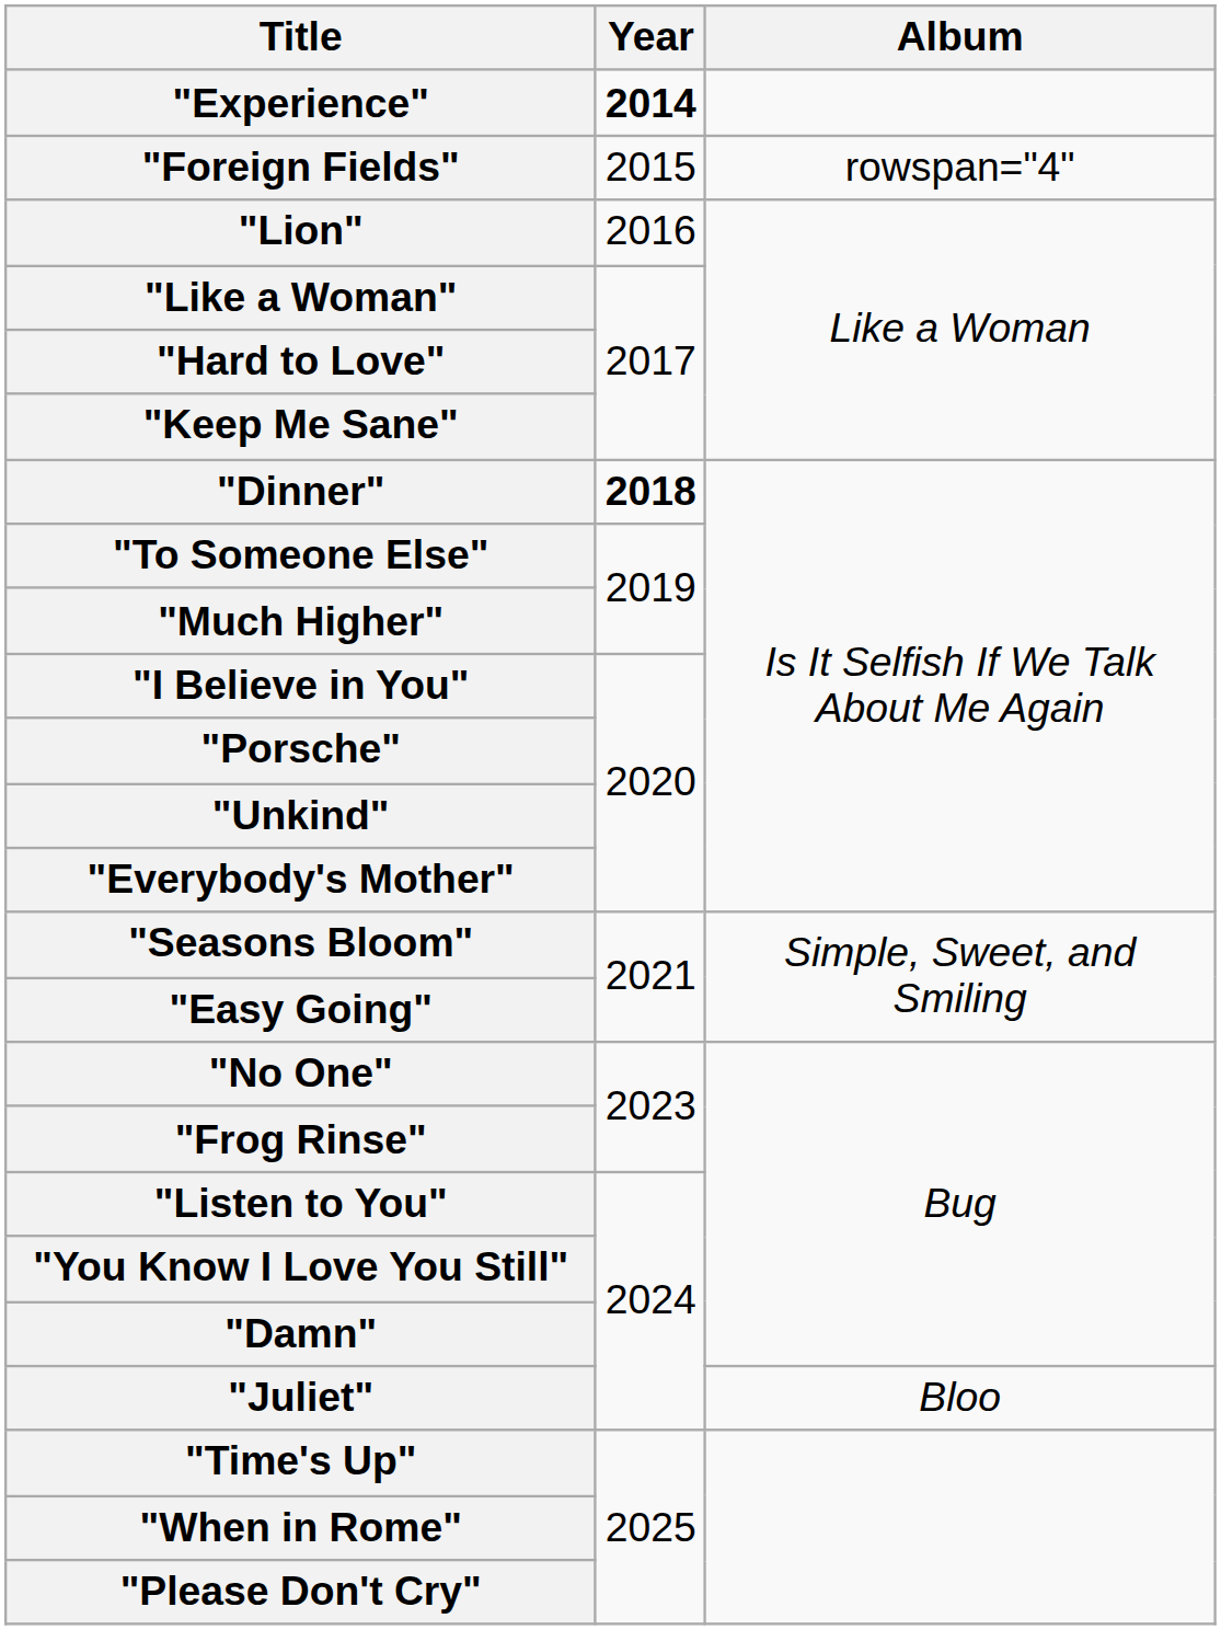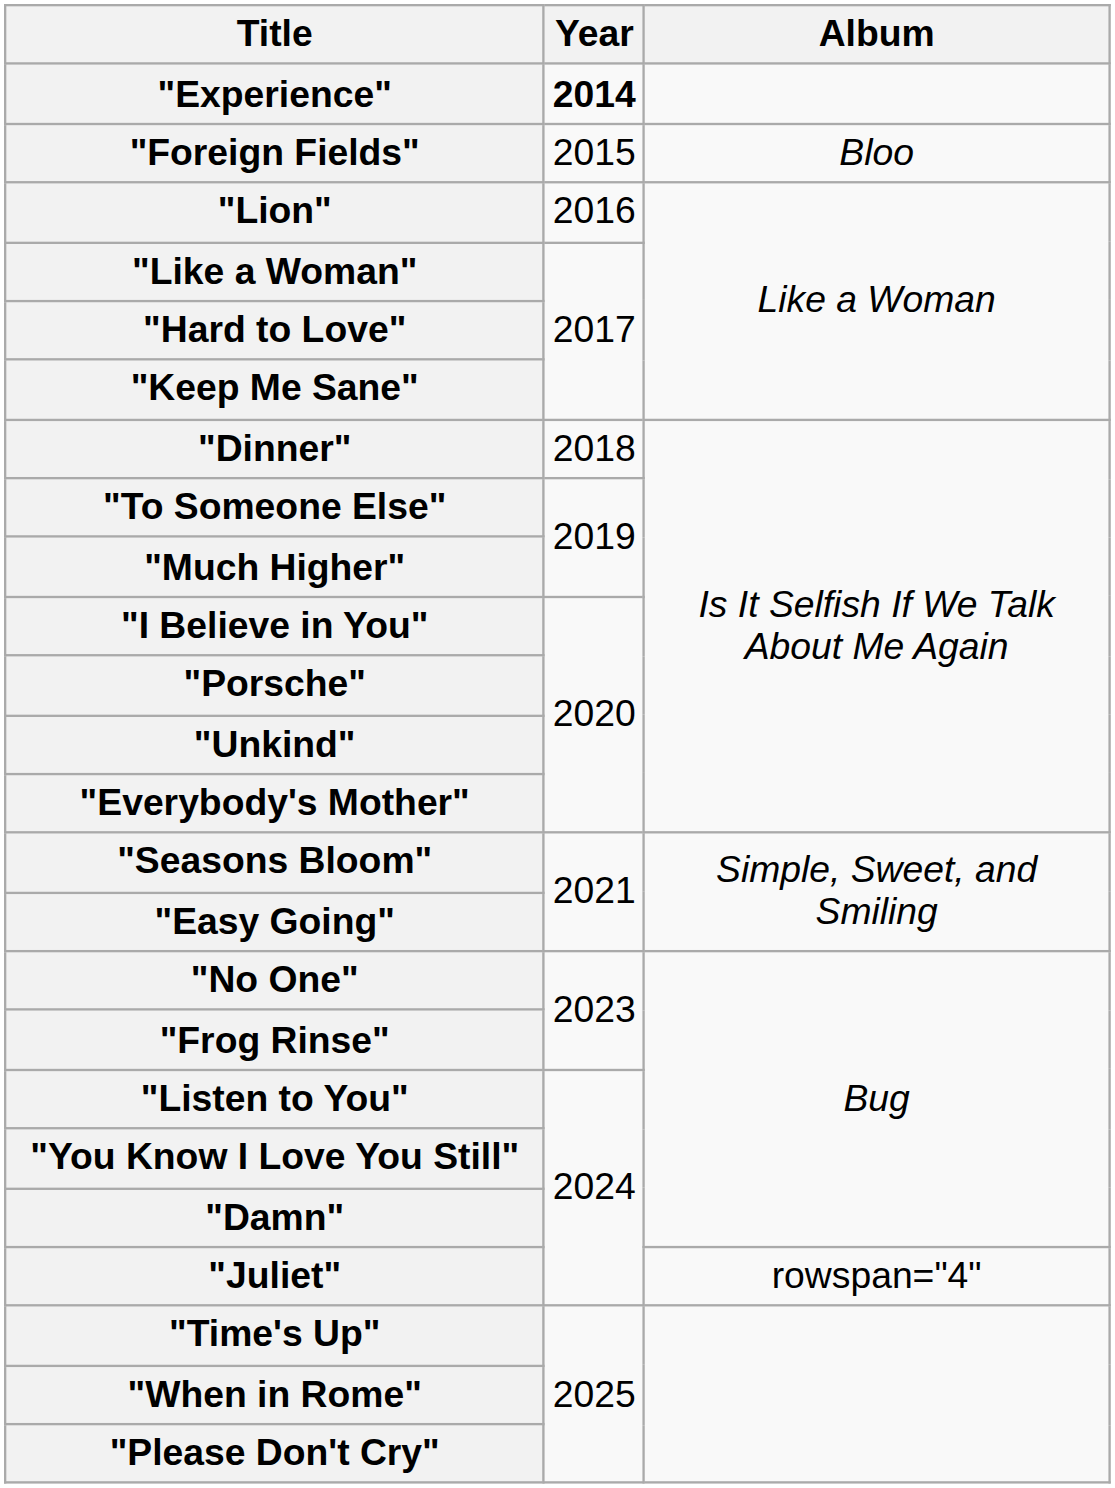 <table class="wikitable plainrowheaders" style="text-align:center;">
 <tr>
 <th scope="col" style="width:14em;">Title</th>
 <th scope="col" style="width:1em;">Year</th>
 <th scope="col" style="width:12em;">Album</th>
 </tr>
 <tr>
 <th scope="row">"Experience"</th>
 <td><strong>2014</strong></td>
 <td></td>
 </tr>
 <tr>
 <th scope="row">"Foreign Fields"</th>
 <td>2015</td>
-<td>rowspan="4" </td>
+<td><em>Bloo</em></td>
 </tr>
 <tr>
 <th scope="row">"Lion"</th>
 <td>2016</td>
 <td rowspan="4"><em>Like a Woman</em></td>
 </tr>
 <tr>
 <th scope="row">"Like a Woman"</th>
 <td rowspan="3">2017</td>
 </tr>
 <tr>
 <th scope="row">"Hard to Love"</th>
 </tr>
 <tr>
 <th scope="row">"Keep Me Sane"</th>
 </tr>
 <tr>
 <th scope="row">"Dinner"</th>
-<td><strong>2018</strong></td>
+<td>2018</td>
 <td rowspan="7"><em>Is It Selfish If We Talk About Me Again</em></td>
 </tr>
 <tr>
 <th scope="row">"To Someone Else"</th>
 <td rowspan="2">2019</td>
 </tr>
 <tr>
 <th scope="row">"Much Higher"</th>
 </tr>
 <tr>
 <th scope="row">"I Believe in You"<br></th>
 <td rowspan="4">2020</td>
 </tr>
 <tr>
 <th scope="row">"Porsche"</th>
 </tr>
 <tr>
 <th scope="row">"Unkind"</th>
 </tr>
 <tr>
 <th scope="row">"Everybody's Mother"</th>
 </tr>
 <tr>
 <th scope="row">"Seasons Bloom"</th>
 <td rowspan="2">2021</td>
 <td rowspan="2"><em>Simple, Sweet, and Smiling</em></td>
 </tr>
 <tr>
 <th scope="row">"Easy Going"</th>
 </tr>
 <tr>
 <th scope="row">"No One"</th>
 <td rowspan="2">2023</td>
 <td rowspan="5"><em>Bug</em></td>
 </tr>
 <tr>
 <th scope="row">"Frog Rinse"</th>
 </tr>
 <tr>
 <th scope="row">"Listen to You"</th>
 <td rowspan="4">2024</td>
 </tr>
 <tr>
 <th scope="row">"You Know I Love You Still"</th>
 </tr>
 <tr>
 <th scope="row">"Damn"</th>
 </tr>
 <tr>
 <th scope="row">"Juliet"</th>
-<td><em>Bloo</em></td>
+<td>rowspan="4" </td>
 </tr>
 <tr>
 <th scope="row">"Time's Up"<br></th>
 <td rowspan="3">2025</td>
 </tr>
 <tr>
 <th scope="row">"When in Rome"</th>
 </tr>
 <tr>
 <th scope="row">"Please Don't Cry"</th>
 </tr>
 </table>
